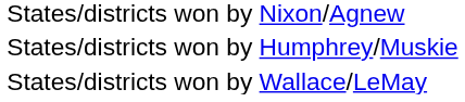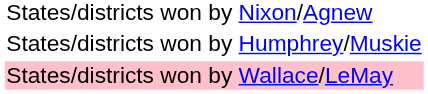 <table class="wikitable-sortable">
 <tr>
 <td>States/districts won by <a href='#'>Nixon</a>/<a href='#'>Agnew</a></td>
 </tr>
 <tr>
 <td>States/districts won by <a href='#'>Humphrey</a>/<a href='#'>Muskie</a></td>
 </tr>
 <tr>
-<td>States/districts won by <a href='#'>Wallace</a>/<a href='#'>LeMay</a></td>
+<td style="background: pink;">States/districts won by <a href='#'>Wallace</a>/<a href='#'>LeMay</a></td>
 </tr>
 </table>
